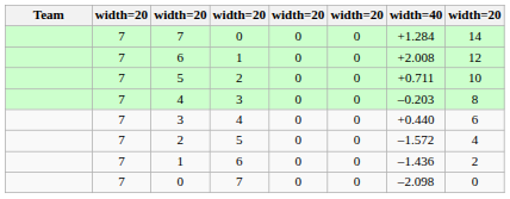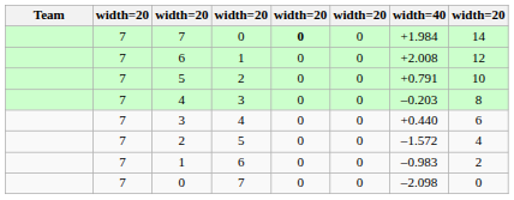 <table class="wikitable" border="1" style="text-align:center;">
 <tr>
 <th width=175>Team</th>
 <th>width=20</th>
 <th>width=20</th>
 <th>width=20</th>
 <th>width=20</th>
 <th>width=20</th>
 <th>width=40</th>
 <th>width=20</th>
 </tr>
 <tr bgcolor="ccffcc">
 <td align=left></td>
 <td>7</td>
 <td>7</td>
 <td>0</td>
+<td><strong>0</strong></td>
 <td>0</td>
-<td>0</td>
-<td>+1.284</td>
+<td>+1.984</td>
 <td>14</td>
 </tr>
 <tr bgcolor="ccffcc">
 <td align=left></td>
 <td>7</td>
 <td>6</td>
 <td>1</td>
 <td>0</td>
 <td>0</td>
 <td>+2.008</td>
 <td>12</td>
 </tr>
 <tr bgcolor="ccffcc">
 <td align=left></td>
 <td>7</td>
 <td>5</td>
 <td>2</td>
 <td>0</td>
 <td>0</td>
-<td>+0.711</td>
+<td>+0.791</td>
 <td>10</td>
 </tr>
 <tr bgcolor="ccffcc">
 <td align=left></td>
 <td>7</td>
 <td>4</td>
 <td>3</td>
 <td>0</td>
 <td>0</td>
 <td>–0.203</td>
 <td>8</td>
 </tr>
 <tr>
 <td align=left></td>
 <td>7</td>
 <td>3</td>
 <td>4</td>
 <td>0</td>
 <td>0</td>
 <td>+0.440</td>
 <td>6</td>
 </tr>
 <tr>
 <td align=left></td>
 <td>7</td>
 <td>2</td>
 <td>5</td>
 <td>0</td>
 <td>0</td>
 <td>–1.572</td>
 <td>4</td>
 </tr>
 <tr>
 <td align=left></td>
 <td>7</td>
 <td>1</td>
 <td>6</td>
 <td>0</td>
 <td>0</td>
-<td>–1.436</td>
+<td>–0.983</td>
 <td>2</td>
 </tr>
 <tr>
 <td align=left></td>
 <td>7</td>
 <td>0</td>
 <td>7</td>
 <td>0</td>
 <td>0</td>
 <td>–2.098</td>
 <td>0</td>
 </tr>
 </table>
